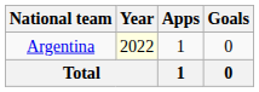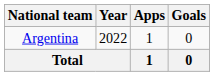 <table class="wikitable" style="text-align: center;">
 <tr>
 <th>National team</th>
 <th>Year</th>
 <th>Apps</th>
 <th>Goals</th>
 </tr>
 <tr>
 <td><a href='#'>Argentina</a></td>
-<td style="background: lightyellow;">2022</td>
+<td>2022</td>
 <td>1</td>
 <td>0</td>
 </tr>
 <tr>
 <th colspan="2">Total</th>
 <th>1</th>
 <th>0</th>
 </tr>
 </table>
